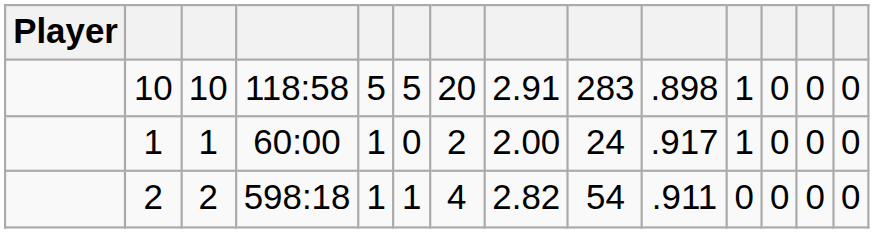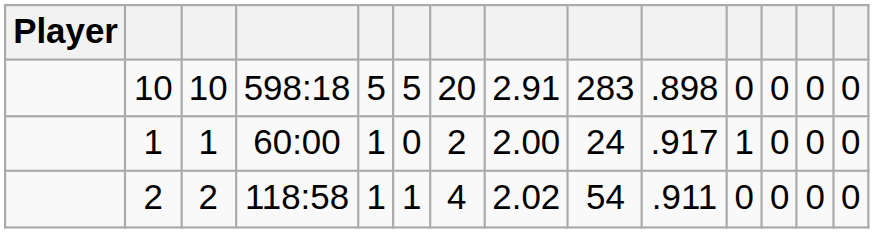 <table class="wikitable sortable" style="text-align:center;">
 <tr>
 <th>Player</th>
 <th></th>
 <th></th>
 <th></th>
 <th></th>
 <th></th>
 <th></th>
 <th></th>
 <th></th>
 <th></th>
 <th></th>
 <th></th>
 <th></th>
 <th></th>
 </tr>
 <tr>
 <td></td>
 <td>10</td>
 <td>10</td>
-<td>118:58</td>
+<td>598:18</td>
 <td>5</td>
 <td>5</td>
 <td>20</td>
 <td>2.91</td>
 <td>283</td>
 <td>.898</td>
-<td>1</td>
+<td>0</td>
 <td>0</td>
 <td>0</td>
 <td>0</td>
 </tr>
 <tr>
 <td></td>
 <td>1</td>
 <td>1</td>
 <td>60:00</td>
 <td>1</td>
 <td>0</td>
 <td>2</td>
 <td>2.00</td>
 <td>24</td>
 <td>.917</td>
 <td>1</td>
 <td>0</td>
 <td>0</td>
 <td>0</td>
 </tr>
 <tr>
 <td></td>
 <td>2</td>
 <td>2</td>
-<td>598:18</td>
+<td>118:58</td>
 <td>1</td>
 <td>1</td>
 <td>4</td>
-<td>2.82</td>
+<td>2.02</td>
 <td>54</td>
 <td>.911</td>
 <td>0</td>
 <td>0</td>
 <td>0</td>
 <td>0</td>
 </tr>
 </table>
